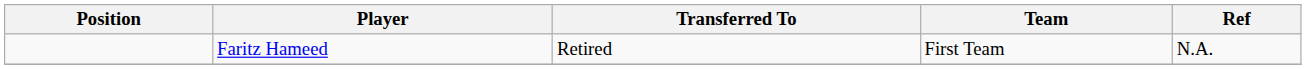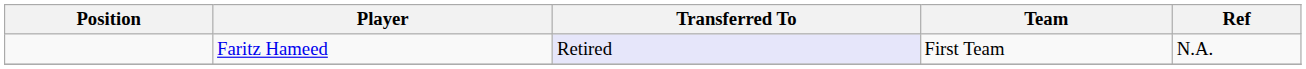 <table class="wikitable sortable" style="width:70%; text-align:center; font-size:100%; text-align:left;">
 <tr>
 <th><strong>Position</strong></th>
 <th><strong>Player</strong></th>
 <th><strong>Transferred To</strong></th>
 <th><strong>Team</strong></th>
 <th><strong>Ref</strong></th>
 </tr>
 <tr>
 <td></td>
 <td> <a href='#'>Faritz Hameed</a></td>
-<td>Retired</td>
+<td style="background: lavender;">Retired</td>
 <td>First Team</td>
 <td>N.A.</td>
 </tr>
 <tr>
 </tr>
 </table>
